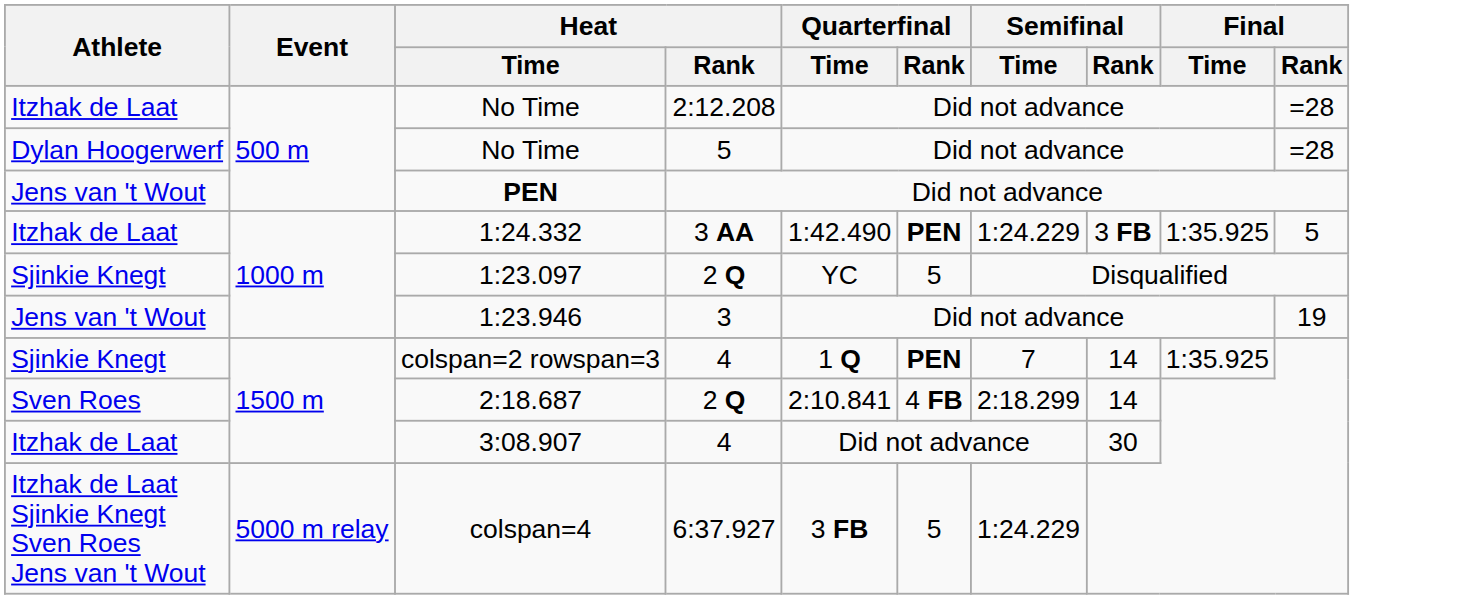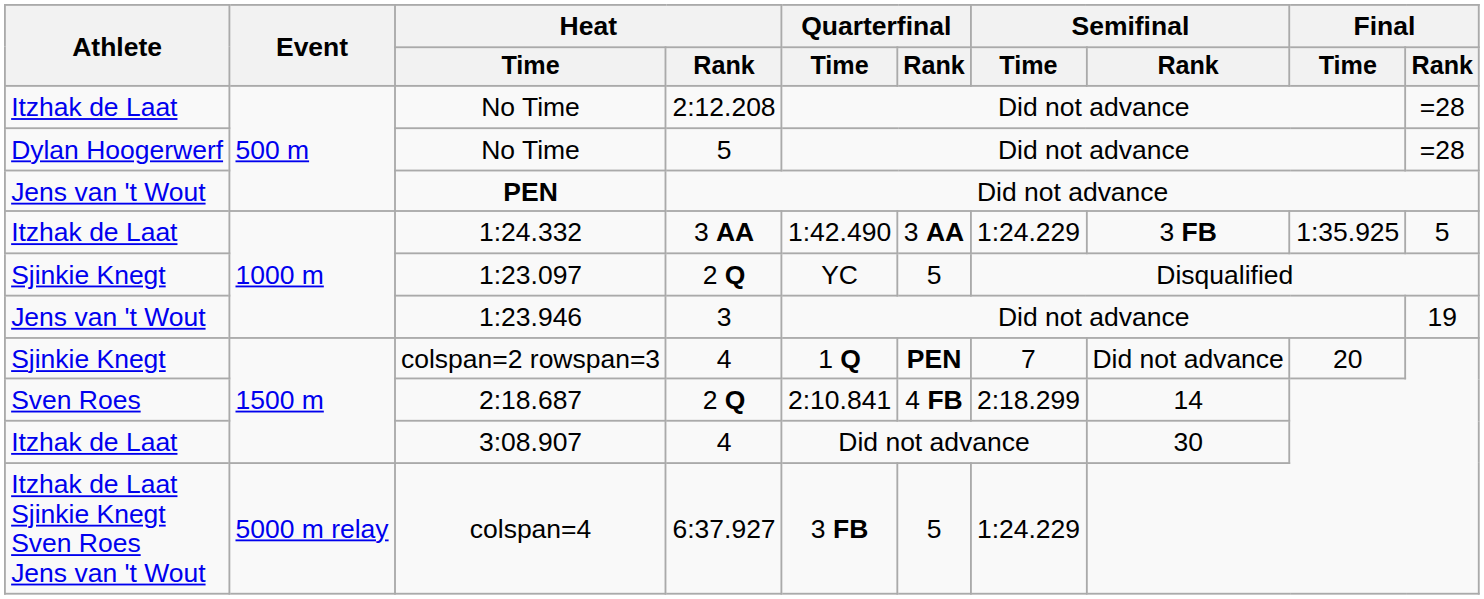 <table class="wikitable" style="font-size:90%">
 <tr>
 <th rowspan=2>Athlete</th>
 <th rowspan=2>Event</th>
 <th colspan=2>Heat</th>
 <th colspan=2>Quarterfinal</th>
 <th colspan=2>Semifinal</th>
 <th colspan=2>Final</th>
 </tr>
 <tr style="font-size:95%">
 <th>Time</th>
 <th>Rank</th>
 <th>Time</th>
 <th>Rank</th>
 <th>Time</th>
 <th>Rank</th>
 <th>Time</th>
 <th>Rank</th>
 </tr>
 <tr align=center>
 <td align=left><a href='#'>Itzhak de Laat</a></td>
 <td align=left rowspan=3><a href='#'>500 m</a></td>
 <td>No Time</td>
 <td>2:12.208</td>
 <td colspan=5>Did not advance</td>
 <td>=28</td>
 </tr>
 <tr align=center>
 <td align=left><a href='#'>Dylan Hoogerwerf</a></td>
 <td>No Time</td>
 <td>5</td>
 <td colspan=5>Did not advance</td>
 <td>=28</td>
 </tr>
 <tr align=center>
 <td align=left><a href='#'>Jens van 't Wout</a></td>
 <td><strong>PEN</strong></td>
 <td colspan=7>Did not advance</td>
 </tr>
 <tr align=center>
 <td align=left><a href='#'>Itzhak de Laat</a></td>
 <td align=left rowspan=3><a href='#'>1000 m</a></td>
 <td>1:24.332</td>
 <td>3 <strong>AA</strong></td>
 <td>1:42.490</td>
-<td><strong>PEN</strong></td>
+<td>3 <strong>AA</strong></td>
 <td>1:24.229</td>
 <td>3 <strong>FB</strong></td>
 <td>1:35.925</td>
 <td>5</td>
 </tr>
 <tr align=center>
 <td align=left><a href='#'>Sjinkie Knegt</a></td>
 <td>1:23.097</td>
 <td>2 <strong>Q</strong></td>
 <td>YC</td>
 <td>5</td>
 <td colspan=4>Disqualified</td>
 </tr>
 <tr align=center>
 <td align=left><a href='#'>Jens van 't Wout</a></td>
 <td>1:23.946</td>
 <td>3</td>
 <td colspan=5>Did not advance</td>
 <td>19</td>
 </tr>
 <tr align=center>
 <td align=left><a href='#'>Sjinkie Knegt</a></td>
 <td align=left rowspan=3><a href='#'>1500 m</a></td>
 <td>colspan=2 rowspan=3 </td>
 <td>4</td>
 <td>1 <strong>Q</strong></td>
 <td><strong>PEN</strong></td>
 <td>7</td>
-<td>14</td>
-<td>1:35.925</td>
+<td>Did not advance</td>
+<td>20</td>
 </tr>
 <tr align=center>
 <td align=left><a href='#'>Sven Roes</a></td>
 <td>2:18.687</td>
 <td>2 <strong>Q</strong></td>
 <td>2:10.841</td>
 <td>4 <strong>FB</strong></td>
 <td>2:18.299</td>
 <td>14</td>
 </tr>
 <tr align=center>
 <td align=left><a href='#'>Itzhak de Laat</a></td>
 <td>3:08.907</td>
 <td>4</td>
 <td colspan=3>Did not advance</td>
 <td>30</td>
 </tr>
 <tr align=center>
 <td align=left><a href='#'>Itzhak de Laat</a><br><a href='#'>Sjinkie Knegt</a><br><a href='#'>Sven Roes</a><br><a href='#'>Jens van 't Wout</a></td>
 <td align=left><a href='#'>5000 m relay</a></td>
 <td>colspan=4 </td>
 <td>6:37.927</td>
 <td>3 <strong>FB</strong></td>
 <td>5</td>
 <td>1:24.229</td>
 </tr>
 </table>
